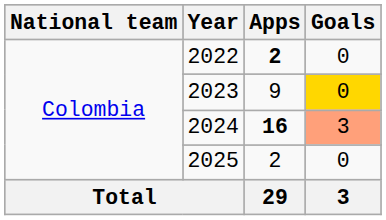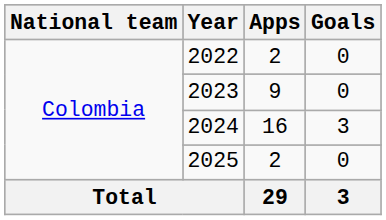 <table class="wikitable" style="text-align:center">
 <tr>
 <th>National team</th>
 <th>Year</th>
 <th>Apps</th>
 <th>Goals</th>
 </tr>
 <tr>
 <td rowspan="4"><a href='#'>Colombia</a></td>
 <td>2022</td>
-<td><strong>2</strong></td>
+<td>2</td>
 <td>0</td>
 </tr>
 <tr>
 <td>2023</td>
 <td>9</td>
-<td style="background: gold;">0</td>
+<td>0</td>
 </tr>
 <tr>
 <td>2024</td>
-<td><strong>16</strong></td>
-<td style="background: lightsalmon;">3</td>
+<td>16</td>
+<td>3</td>
 </tr>
 <tr>
 <td>2025</td>
 <td>2</td>
 <td>0</td>
 </tr>
 <tr>
 <th colspan="2">Total</th>
 <th>29</th>
 <th>3</th>
 </tr>
 </table>
